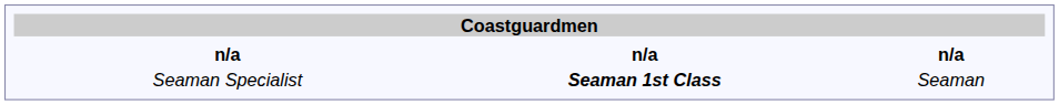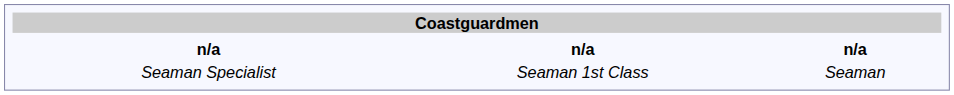 <table style="border:1px solid #8888aa; background-color:#f7f8ff; padding:5px; font-size:95%; margin: 0px 12px 12px 0px; width: 100%;">
 <tr style="background-color:#CCCCCC; width: 100%">
 <th colspan="7">Coastguardmen</th>
 </tr>
 <tr style="text-align:center;">
 <td rowspan="2"></td>
 <td></td>
 <td></td>
 <td></td>
 </tr>
 <tr style="text-align:center;">
 <th>n/a</th>
 <th>n/a</th>
 <th>n/a</th>
 </tr>
 <tr style="text-align:center;">
 <th></th>
 <td><em>Seaman Specialist</em></td>
-<td><strong><em>Seaman 1st Class</em></strong></td>
+<td><em>Seaman 1st Class</em></td>
 <td><em>Seaman</em></td>
 </tr>
 </table>
